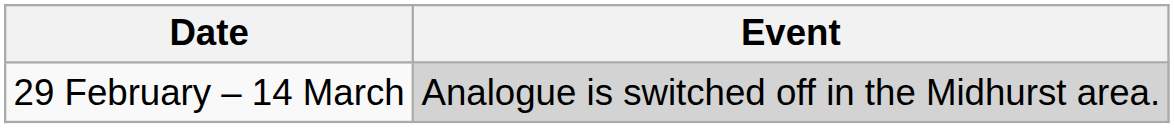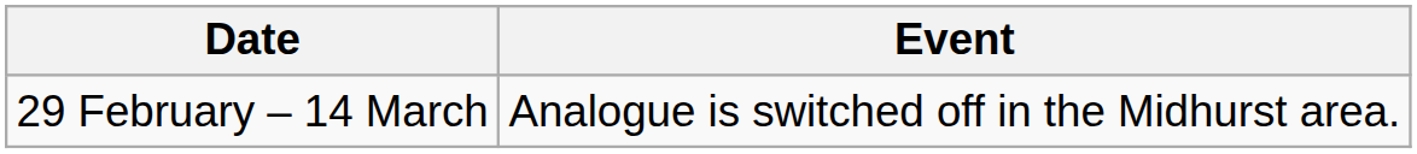 <table class="wikitable">
 <tr>
 <th>Date</th>
 <th>Event</th>
 </tr>
 <tr>
 <td>29 February – 14 March</td>
-<td style="background: lightgrey;">Analogue is switched off in the Midhurst area.</td>
+<td>Analogue is switched off in the Midhurst area.</td>
 </tr>
 </table>
